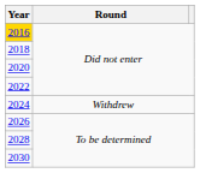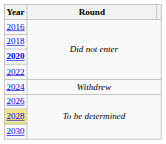 <table class="wikitable" style="text-align: center; font-size:90%">
 <tr>
 <th>Year</th>
 <th style="width:200px">Round</th>
 <th></th>
 </tr>
 <tr>
-<td style="background: gold;"><a href='#'>2016</a></td>
+<td><a href='#'>2016</a></td>
 <td colspan="2" rowspan="4"><em>Did not enter</em></td>
 </tr>
 <tr>
 <td><a href='#'>2018</a></td>
 </tr>
 <tr>
-<td><a href='#'>2020</a></td>
+<td><strong><a href='#'>2020</a></strong></td>
 </tr>
 <tr>
 <td><a href='#'>2022</a></td>
 </tr>
 <tr>
 <td><a href='#'>2024</a></td>
 <td colspan="2"><em>Withdrew</em></td>
 </tr>
 <tr>
 <td><a href='#'>2026</a></td>
 <td colspan="2" rowspan="3"><em>To be determined</em></td>
 </tr>
 <tr>
-<td><a href='#'>2028</a></td>
+<td style="background: khaki;"><a href='#'>2028</a></td>
 </tr>
 <tr>
 <td><a href='#'>2030</a></td>
 </tr>
 </table>
